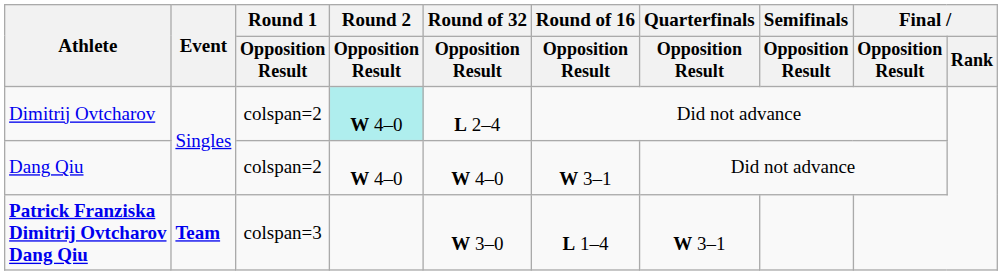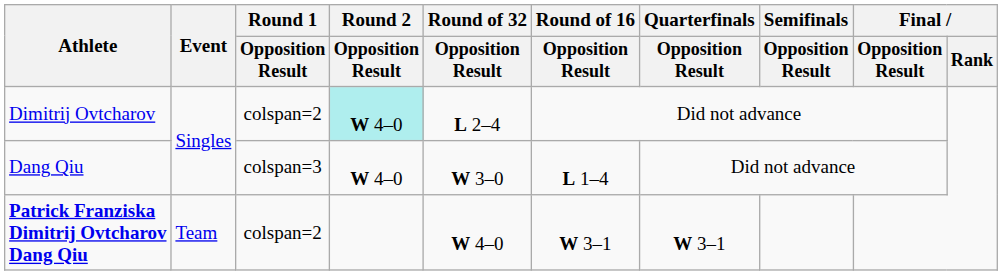 <table class="wikitable" style="font-size:90%">
 <tr>
 <th rowspan=2>Athlete</th>
 <th rowspan=2>Event</th>
 <th>Round 1</th>
 <th>Round 2</th>
 <th>Round of 32</th>
 <th>Round of 16</th>
 <th>Quarterfinals</th>
 <th>Semifinals</th>
 <th colspan=2>Final / </th>
 </tr>
 <tr style="font-size:95%">
 <th>Opposition<br>Result</th>
 <th>Opposition<br>Result</th>
 <th>Opposition<br>Result</th>
 <th>Opposition<br>Result</th>
 <th>Opposition<br>Result</th>
 <th>Opposition<br>Result</th>
 <th>Opposition<br>Result</th>
 <th>Rank</th>
 </tr>
 <tr align=center>
 <td align=left><a href='#'>Dimitrij Ovtcharov</a></td>
 <td align=left rowspan=2><a href='#'>Singles</a></td>
 <td>colspan=2</td>
 <td style="background: paleturquoise;"><br><strong>W</strong> 4–0</td>
 <td><br><strong>L</strong> 2–4</td>
 <td colspan=4>Did not advance</td>
 </tr>
 <tr align=center>
 <td align=left><a href='#'>Dang Qiu</a></td>
-<td>colspan=2</td>
+<td>colspan=3</td>
 <td><br><strong>W</strong> 4–0</td>
-<td><br><strong>W</strong> 4–0</td>
-<td><br><strong>W</strong> 3–1</td>
+<td><br><strong>W</strong> 3–0</td>
+<td><br><strong>L</strong> 1–4</td>
 <td colspan=3>Did not advance</td>
 </tr>
 <tr align=center>
 <td align=left><strong><a href='#'>Patrick Franziska</a><br><a href='#'>Dimitrij Ovtcharov</a><br><a href='#'>Dang Qiu</a></strong></td>
-<td align=left><strong><a href='#'>Team</a></strong></td>
-<td>colspan=3</td>
+<td align=left><a href='#'>Team</a></td>
+<td>colspan=2</td>
 <td></td>
-<td><br><strong>W</strong> 3–0</td>
-<td><br><strong>L</strong> 1–4</td>
+<td><br><strong>W</strong> 4–0</td>
+<td><br><strong>W</strong> 3–1</td>
 <td><br><strong>W</strong> 3–1</td>
 <td></td>
 </tr>
 </table>
